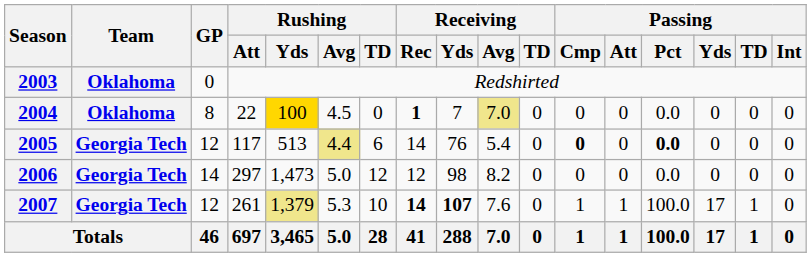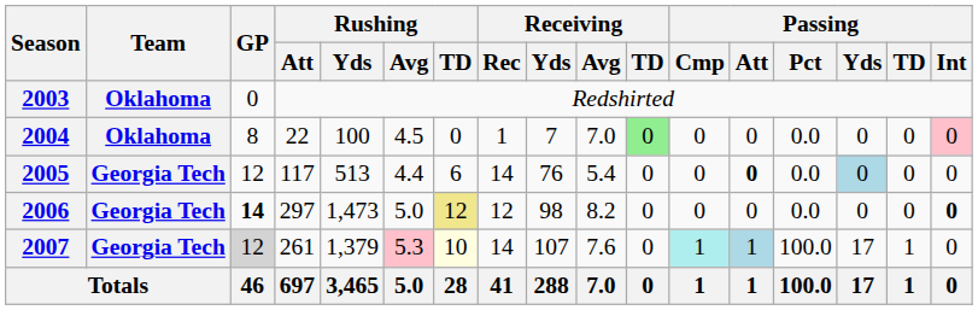 <table class="wikitable" style="text-align: center;">
 <tr>
 <th rowspan="2">Season</th>
 <th rowspan="2">Team</th>
 <th rowspan="2">GP</th>
 <th colspan="4">Rushing</th>
 <th colspan="4">Receiving</th>
 <th colspan="6">Passing</th>
 </tr>
 <tr>
 <th>Att</th>
 <th>Yds</th>
 <th>Avg</th>
 <th>TD</th>
 <th>Rec</th>
 <th>Yds</th>
 <th>Avg</th>
 <th>TD</th>
 <th>Cmp</th>
 <th>Att</th>
 <th>Pct</th>
 <th>Yds</th>
 <th>TD</th>
 <th>Int</th>
 </tr>
 <tr>
 <th><a href='#'>2003</a></th>
 <th><a href='#'>Oklahoma</a></th>
 <td>0</td>
 <td colspan="14"><em>Redshirted</em></td>
 </tr>
 <tr>
 <th><a href='#'>2004</a></th>
 <th><a href='#'>Oklahoma</a></th>
 <td>8</td>
 <td>22</td>
-<td style="background: gold;">100</td>
+<td>100</td>
 <td>4.5</td>
 <td>0</td>
-<td><strong>1</strong></td>
+<td>1</td>
 <td>7</td>
-<td style="background: khaki;">7.0</td>
-<td>0</td>
+<td>7.0</td>
+<td style="background: lightgreen;">0</td>
 <td>0</td>
 <td>0</td>
 <td>0.0</td>
 <td>0</td>
 <td>0</td>
-<td>0</td>
+<td style="background: pink;">0</td>
 </tr>
 <tr>
 <th><a href='#'>2005</a></th>
 <th><a href='#'>Georgia Tech</a></th>
 <td>12</td>
 <td>117</td>
 <td>513</td>
-<td style="background: khaki;">4.4</td>
+<td>4.4</td>
 <td>6</td>
 <td>14</td>
 <td>76</td>
 <td>5.4</td>
 <td>0</td>
+<td>0</td>
 <td><strong>0</strong></td>
-<td>0</td>
-<td><strong>0.0</strong></td>
-<td>0</td>
+<td>0.0</td>
+<td style="background: lightblue;">0</td>
 <td>0</td>
 <td>0</td>
 </tr>
 <tr>
 <th><a href='#'>2006</a></th>
 <th><a href='#'>Georgia Tech</a></th>
-<td>14</td>
+<td><strong>14</strong></td>
 <td>297</td>
 <td>1,473</td>
 <td>5.0</td>
-<td>12</td>
+<td style="background: khaki;">12</td>
 <td>12</td>
 <td>98</td>
 <td>8.2</td>
 <td>0</td>
 <td>0</td>
 <td>0</td>
 <td>0.0</td>
 <td>0</td>
 <td>0</td>
-<td>0</td>
+<td><strong>0</strong></td>
 </tr>
 <tr>
 <th><a href='#'>2007</a></th>
 <th><a href='#'>Georgia Tech</a></th>
-<td>12</td>
+<td style="background: lightgrey;">12</td>
 <td>261</td>
-<td style="background: khaki;">1,379</td>
-<td>5.3</td>
-<td>10</td>
-<td><strong>14</strong></td>
-<td><strong>107</strong></td>
+<td>1,379</td>
+<td style="background: pink;">5.3</td>
+<td style="background: lightyellow;">10</td>
+<td>14</td>
+<td>107</td>
 <td>7.6</td>
 <td>0</td>
-<td>1</td>
-<td>1</td>
+<td style="background: paleturquoise;">1</td>
+<td style="background: lightblue;">1</td>
 <td>100.0</td>
 <td>17</td>
 <td>1</td>
 <td>0</td>
 </tr>
 <tr>
 <th colspan="2">Totals</th>
 <th>46</th>
 <th>697</th>
 <th>3,465</th>
 <th>5.0</th>
 <th>28</th>
 <th>41</th>
 <th>288</th>
 <th>7.0</th>
 <th>0</th>
 <th>1</th>
 <th>1</th>
 <th>100.0</th>
 <th>17</th>
 <th>1</th>
 <th>0</th>
 </tr>
 </table>
